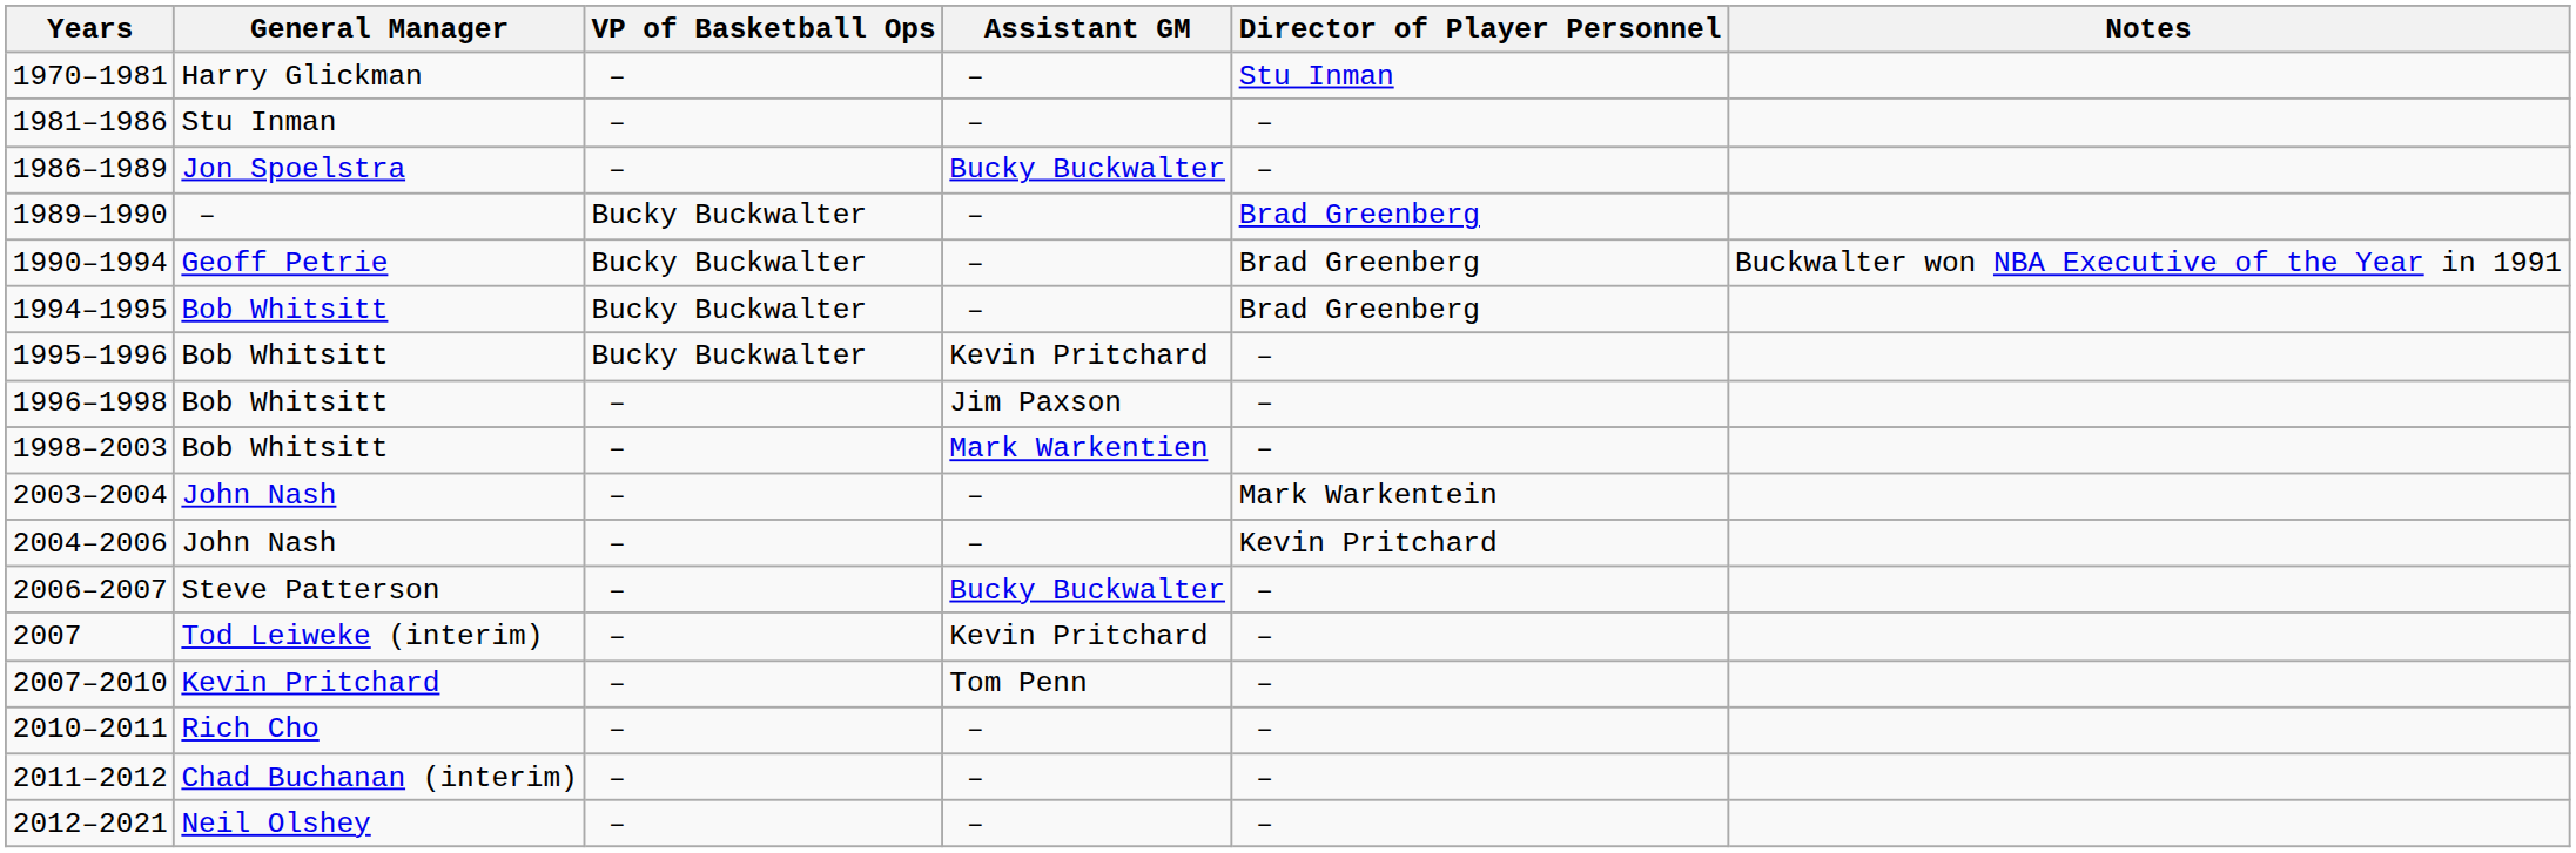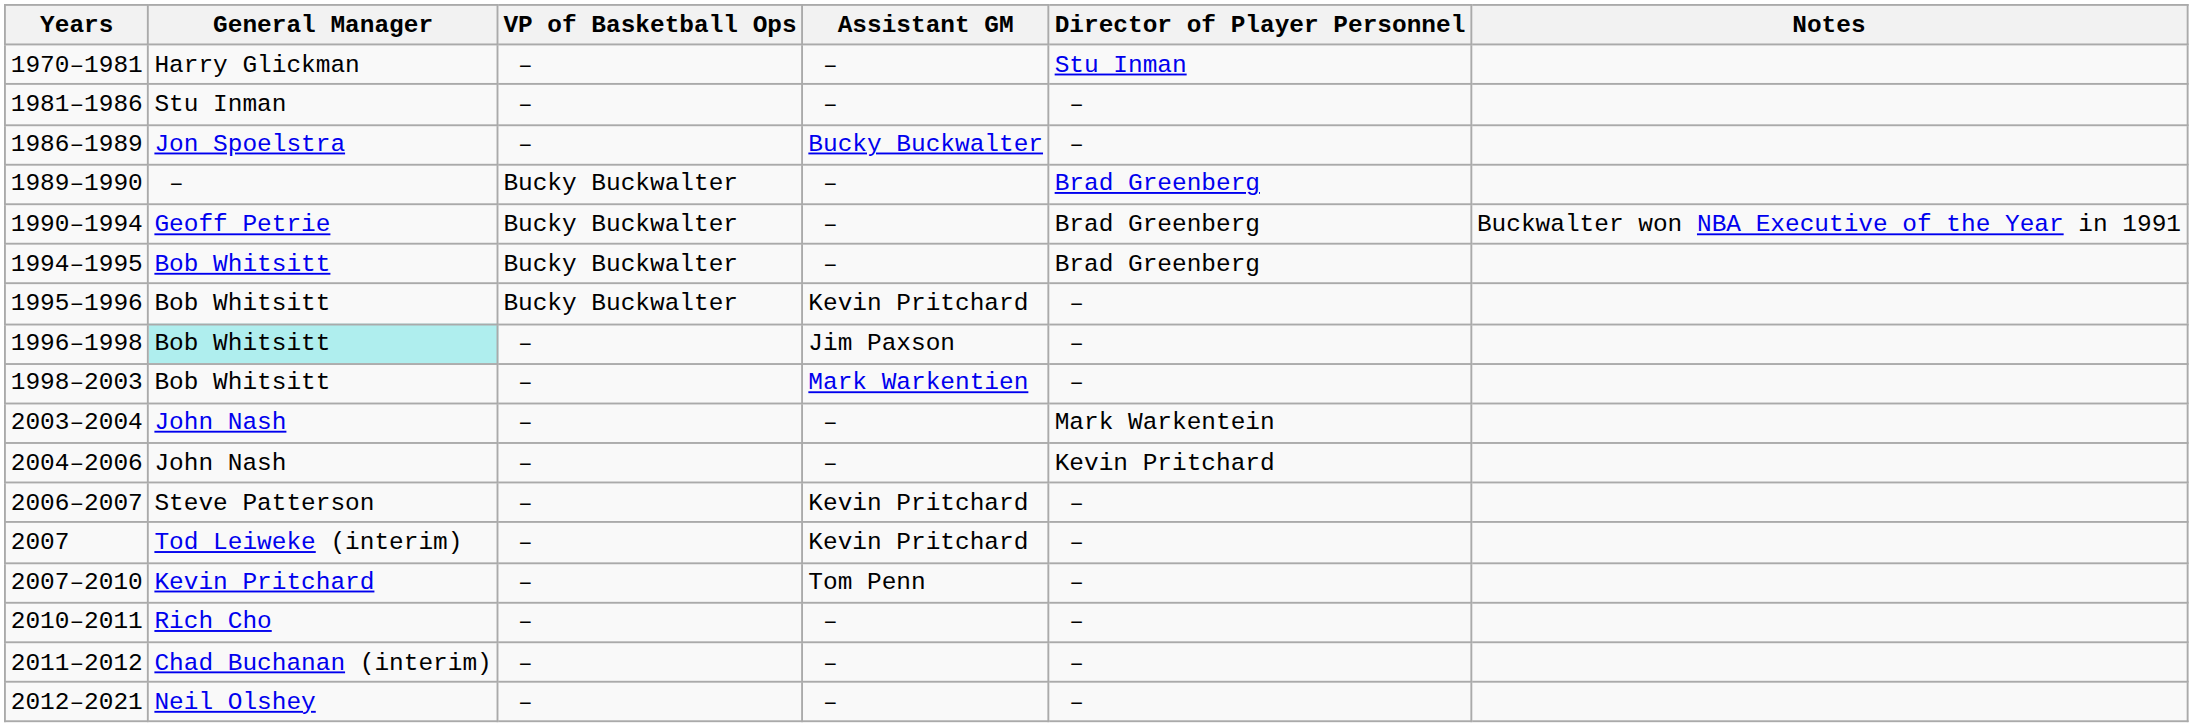 <table class="wikitable" border="1">
 <tr>
 <th>Years</th>
 <th>General Manager</th>
 <th>VP of Basketball Ops</th>
 <th>Assistant GM</th>
 <th>Director of Player Personnel</th>
 <th>Notes</th>
 </tr>
 <tr>
 <td>1970–1981</td>
 <td>Harry Glickman</td>
 <td> –</td>
 <td> –</td>
 <td><a href='#'>Stu Inman</a></td>
 </tr>
 <tr>
 <td>1981–1986</td>
 <td>Stu Inman</td>
 <td> –</td>
 <td> –</td>
 <td> –</td>
 <td></td>
 </tr>
 <tr>
 <td>1986–1989</td>
 <td><a href='#'>Jon Spoelstra</a></td>
 <td> –</td>
 <td><a href='#'>Bucky Buckwalter</a></td>
 <td> –</td>
 <td></td>
 </tr>
 <tr>
 <td>1989–1990</td>
 <td> –</td>
 <td>Bucky Buckwalter</td>
 <td> –</td>
 <td><a href='#'>Brad Greenberg</a></td>
 <td></td>
 </tr>
 <tr>
 <td>1990–1994</td>
 <td><a href='#'>Geoff Petrie</a></td>
 <td>Bucky Buckwalter</td>
 <td> –</td>
 <td>Brad Greenberg</td>
 <td>Buckwalter won <a href='#'>NBA Executive of the Year</a> in 1991</td>
 </tr>
 <tr>
 <td>1994–1995</td>
 <td><a href='#'>Bob Whitsitt</a></td>
 <td>Bucky Buckwalter</td>
 <td> –</td>
 <td>Brad Greenberg</td>
 <td></td>
 </tr>
 <tr>
 <td>1995–1996</td>
 <td>Bob Whitsitt</td>
 <td>Bucky Buckwalter</td>
 <td>Kevin Pritchard</td>
 <td> –</td>
 </tr>
 <tr>
 <td>1996–1998</td>
-<td>Bob Whitsitt</td>
+<td style="background: paleturquoise;">Bob Whitsitt</td>
 <td> –</td>
 <td>Jim Paxson</td>
 <td> –</td>
 <td></td>
 </tr>
 <tr>
 <td>1998–2003</td>
 <td>Bob Whitsitt</td>
 <td> –</td>
 <td><a href='#'>Mark Warkentien</a></td>
 <td> –</td>
 <td></td>
 </tr>
 <tr>
 <td>2003–2004</td>
 <td><a href='#'>John Nash</a></td>
 <td> –</td>
 <td> –</td>
 <td>Mark Warkentein</td>
 <td></td>
 </tr>
 <tr>
 <td>2004–2006</td>
 <td>John Nash</td>
 <td> –</td>
 <td> –</td>
 <td>Kevin Pritchard</td>
 <td></td>
 </tr>
 <tr>
 <td>2006–2007</td>
 <td>Steve Patterson</td>
 <td> –</td>
-<td><a href='#'>Bucky Buckwalter</a></td>
+<td>Kevin Pritchard</td>
 <td> –</td>
 <td></td>
 </tr>
 <tr>
 <td>2007</td>
 <td><a href='#'>Tod Leiweke</a> (interim)</td>
 <td> –</td>
 <td>Kevin Pritchard</td>
 <td> –</td>
 <td></td>
 </tr>
 <tr>
 <td>2007–2010</td>
 <td><a href='#'>Kevin Pritchard</a></td>
 <td> –</td>
 <td>Tom Penn</td>
 <td> –</td>
 <td></td>
 </tr>
 <tr>
 <td>2010–2011</td>
 <td><a href='#'>Rich Cho</a></td>
 <td> –</td>
 <td> –</td>
 <td> –</td>
 <td></td>
 </tr>
 <tr>
 <td>2011–2012</td>
 <td><a href='#'>Chad Buchanan</a> (interim)</td>
 <td> –</td>
 <td> –</td>
 <td> –</td>
 <td></td>
 </tr>
 <tr>
 <td>2012–2021</td>
 <td><a href='#'>Neil Olshey</a></td>
 <td> –</td>
 <td> –</td>
 <td> –</td>
 </tr>
 </table>
